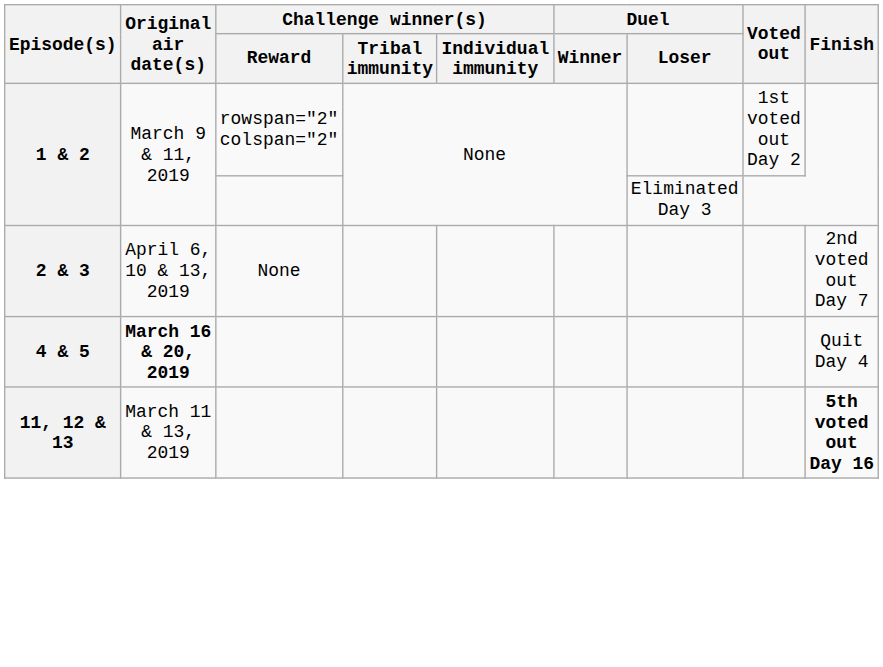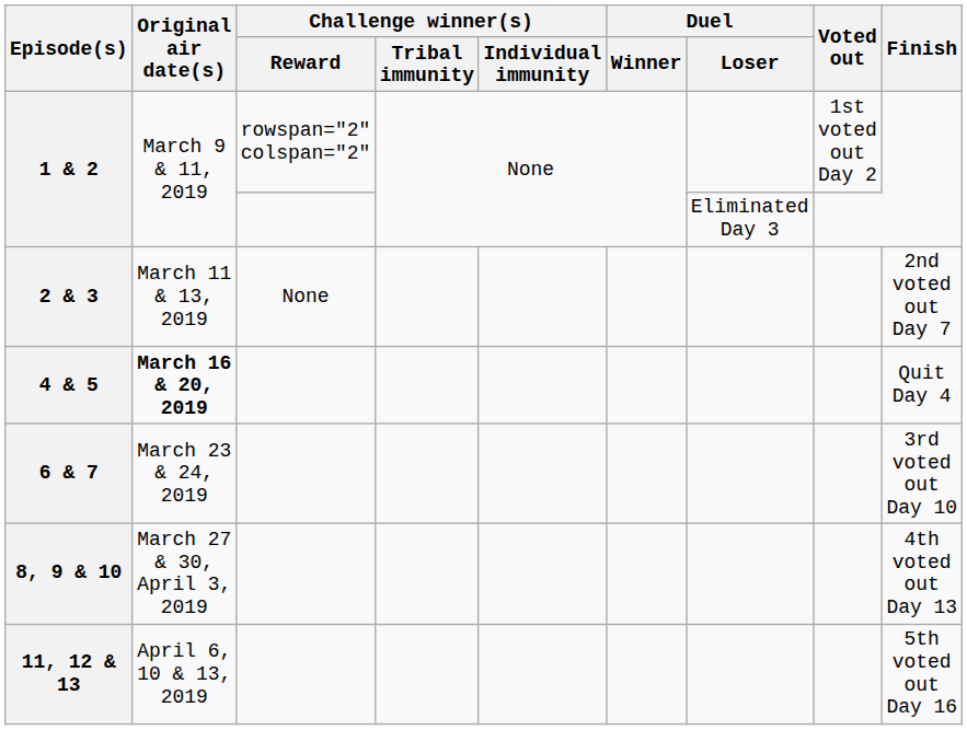 <table class="wikitable plainrowheaders nowrap" style="margin:auto; text-align:center">
 <tr>
 <th scope="col" rowspan="2">Episode(s)</th>
 <th scope="col" rowspan="2">Original air date(s)</th>
 <th scope="col" colspan="3">Challenge winner(s)</th>
 <th scope="col" colspan="2">Duel</th>
 <th scope="col" rowspan="2">Voted out</th>
 <th scope="col" rowspan="2">Finish</th>
 </tr>
 <tr>
 <th scope="col">Reward</th>
 <th scope="col">Tribal<br>immunity</th>
 <th scope="col">Individual<br>immunity</th>
 <th scope="col">Winner</th>
 <th scope="col">Loser</th>
 </tr>
 <tr>
 <th rowspan="2">1 & 2</th>
 <td rowspan="2">March 9 & 11, 2019</td>
 <td>rowspan="2" colspan="2" </td>
 <td rowspan="2" colspan="3">None</td>
 <td></td>
 <td>1st voted out<br>Day 2</td>
 </tr>
 <tr>
 <td></td>
 <td>Eliminated<br>Day 3</td>
 </tr>
 <tr>
 <th>2 & 3</th>
-<td>April 6, 10 & 13, 2019</td>
+<td>March 11 & 13, 2019</td>
 <td>None</td>
 <td></td>
 <td></td>
 <td></td>
 <td></td>
 <td></td>
 <td>2nd voted out<br>Day 7</td>
 </tr>
 <tr>
 <th>4 & 5</th>
 <td><strong>March 16 & 20, 2019</strong></td>
 <td></td>
 <td></td>
 <td></td>
 <td></td>
 <td></td>
 <td></td>
 <td>Quit<br>Day 4</td>
 </tr>
 <tr>
-<th>11, 12 & 13</th>
-<td>March 11 & 13, 2019</td>
+<th>6 & 7</th>
+<td>March 23 & 24, 2019</td>
 <td></td>
 <td></td>
 <td></td>
 <td></td>
 <td></td>
 <td></td>
-<td><strong>5th voted out<br>Day 16</strong></td>
+<td>3rd voted out<br>Day 10</td>
+</tr>
+<tr>
+<th>8, 9 & 10</th>
+<td>March 27 & 30,<br>April 3, 2019</td>
+<td></td>
+<td></td>
+<td></td>
+<td></td>
+<td></td>
+<td></td>
+<td>4th voted out<br>Day 13</td>
+</tr>
+<tr>
+<th>11, 12 & 13</th>
+<td>April 6, 10 & 13, 2019</td>
+<td></td>
+<td></td>
+<td></td>
+<td></td>
+<td></td>
+<td></td>
+<td>5th voted out<br>Day 16</td>
 </tr>
 </table>
